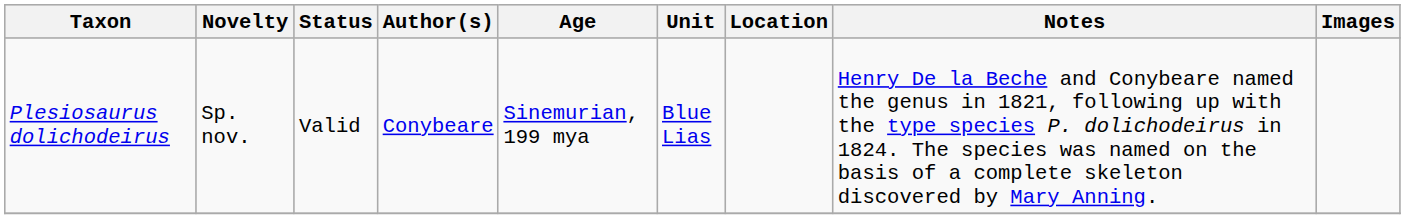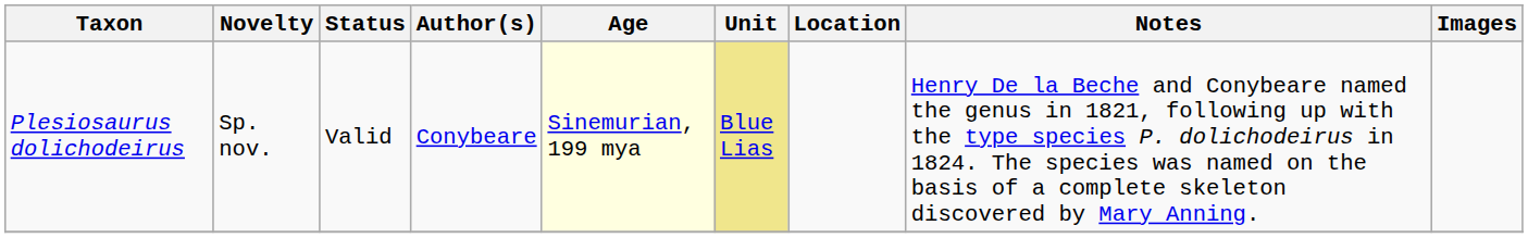 <table class="wikitable sortable" align="center" width="100%">
 <tr>
 <th>Taxon</th>
 <th>Novelty</th>
 <th>Status</th>
 <th>Author(s)</th>
 <th>Age</th>
 <th>Unit</th>
 <th>Location</th>
 <th>Notes</th>
 <th>Images</th>
 </tr>
 <tr>
 <td><em><a href='#'>Plesiosaurus dolichodeirus</a></em></td>
 <td>Sp. nov.</td>
 <td>Valid</td>
 <td><a href='#'>Conybeare</a></td>
-<td><a href='#'>Sinemurian</a>, 199 mya</td>
-<td><a href='#'>Blue Lias</a></td>
+<td style="background: lightyellow;"><a href='#'>Sinemurian</a>, 199 mya</td>
+<td style="background: khaki;"><a href='#'>Blue Lias</a></td>
 <td></td>
 <td><br><a href='#'>Henry De la Beche</a> and Conybeare named the genus in 1821, following up with the <a href='#'>type species</a> <em>P. dolichodeirus</em> in 1824. The species was named on the basis of a complete skeleton discovered by <a href='#'>Mary Anning</a>.</td>
 <td></td>
 </tr>
 <tr>
 </tr>
 </table>
